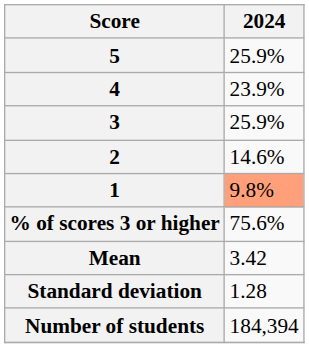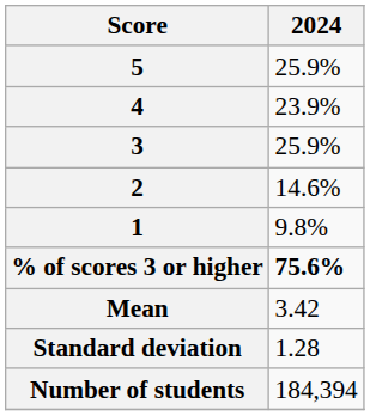 <table class="wikitable">
 <tr>
 <th>Score</th>
 <th>2024</th>
 </tr>
 <tr>
 <th>5</th>
 <td>25.9%</td>
 </tr>
 <tr>
 <th>4</th>
 <td>23.9%</td>
 </tr>
 <tr>
 <th>3</th>
 <td>25.9%</td>
 </tr>
 <tr>
 <th>2</th>
 <td>14.6%</td>
 </tr>
 <tr>
 <th>1</th>
-<td style="background: lightsalmon;">9.8%</td>
+<td>9.8%</td>
 </tr>
 <tr>
 <th>% of scores 3 or higher</th>
-<td>75.6%</td>
+<td><strong>75.6%</strong></td>
 </tr>
 <tr>
 <th>Mean</th>
 <td>3.42</td>
 </tr>
 <tr>
 <th>Standard deviation</th>
 <td>1.28</td>
 </tr>
 <tr>
 <th>Number of students</th>
 <td>184,394</td>
 </tr>
 <tr>
 </tr>
 </table>
